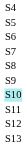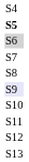 <table>
 <tr>
 <td>S4</td>
 <td></td>
 <td></td>
 <td></td>
 </tr>
 <tr>
-<td>S5</td>
+<td><strong>S5</strong></td>
 <td></td>
 <td></td>
 <td></td>
 </tr>
 <tr>
-<td>S6</td>
+<td style="background: lightgrey;">S6</td>
 <td></td>
 <td></td>
 <td></td>
 </tr>
 <tr>
 <td>S7</td>
 <td></td>
 <td></td>
 <td></td>
 </tr>
 <tr>
 <td>S8</td>
 <td></td>
 <td></td>
 <td></td>
 </tr>
 <tr>
-<td>S9</td>
+<td style="background: lavender;">S9</td>
 <td></td>
 <td></td>
 <td></td>
 </tr>
 <tr>
-<td style="background: paleturquoise;">S10</td>
+<td>S10</td>
 <td></td>
 <td></td>
 <td></td>
 </tr>
 <tr>
 <td>S11</td>
 <td></td>
 <td></td>
 <td></td>
 </tr>
 <tr>
 <td>S12</td>
 <td></td>
 <td></td>
 <td></td>
 </tr>
 <tr>
 <td>S13</td>
 <td></td>
 <td></td>
 <td></td>
 </tr>
 </table>
